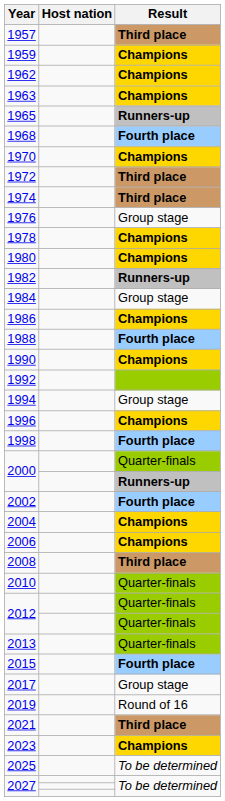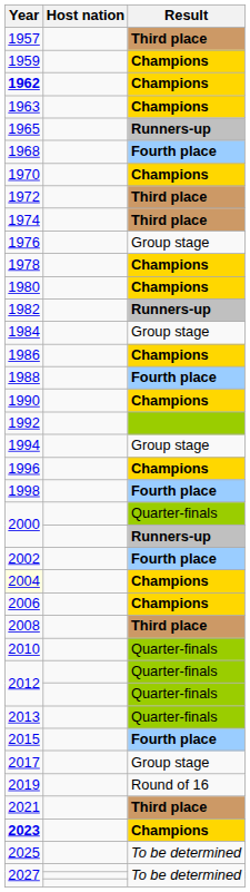 <table class="wikitable">
 <tr>
 <th>Year</th>
 <th>Host nation</th>
 <th>Result</th>
 </tr>
 <tr>
 <td><a href='#'>1957</a></td>
 <td></td>
 <td bgcolor=cc9966><strong>Third place</strong></td>
 </tr>
 <tr>
 <td><a href='#'>1959</a></td>
 <td></td>
 <td bgcolor=Gold><strong>Champions</strong></td>
 </tr>
 <tr>
-<td><a href='#'>1962</a></td>
+<td><strong><a href='#'>1962</a></strong></td>
 <td></td>
 <td bgcolor=Gold><strong>Champions</strong></td>
 </tr>
 <tr>
 <td><a href='#'>1963</a></td>
 <td></td>
 <td bgcolor=Gold><strong>Champions</strong></td>
 </tr>
 <tr>
 <td><a href='#'>1965</a></td>
 <td></td>
 <td bgcolor=Silver><strong>Runners-up</strong></td>
 </tr>
 <tr>
 <td><a href='#'>1968</a></td>
 <td></td>
 <td bgcolor=#9acdff><strong>Fourth place</strong></td>
 </tr>
 <tr>
 <td><a href='#'>1970</a></td>
 <td></td>
 <td bgcolor=Gold><strong>Champions</strong></td>
 </tr>
 <tr>
 <td><a href='#'>1972</a></td>
 <td></td>
 <td bgcolor=cc9966><strong>Third place</strong></td>
 </tr>
 <tr>
 <td><a href='#'>1974</a></td>
 <td></td>
 <td bgcolor=cc9966><strong>Third place</strong></td>
 </tr>
 <tr>
 <td><a href='#'>1976</a></td>
 <td></td>
 <td>Group stage</td>
 </tr>
 <tr>
 <td><a href='#'>1978</a></td>
 <td></td>
 <td bgcolor=Gold><strong>Champions</strong></td>
 </tr>
 <tr>
 <td><a href='#'>1980</a></td>
 <td></td>
 <td bgcolor=Gold><strong>Champions</strong></td>
 </tr>
 <tr>
 <td><a href='#'>1982</a></td>
 <td></td>
 <td bgcolor=Silver><strong>Runners-up</strong></td>
 </tr>
 <tr>
 <td><a href='#'>1984</a></td>
 <td></td>
 <td>Group stage</td>
 </tr>
 <tr>
 <td><a href='#'>1986</a></td>
 <td></td>
 <td bgcolor=Gold><strong>Champions</strong></td>
 </tr>
 <tr>
 <td><a href='#'>1988</a></td>
 <td></td>
 <td bgcolor=#9acdff><strong>Fourth place</strong></td>
 </tr>
 <tr>
 <td><a href='#'>1990</a></td>
 <td></td>
 <td bgcolor=Gold><strong>Champions</strong></td>
 </tr>
 <tr>
 <td><a href='#'>1992</a></td>
 <td></td>
 <td bgcolor=#9acd></td>
 </tr>
 <tr>
 <td><a href='#'>1994</a></td>
 <td></td>
 <td>Group stage</td>
 </tr>
 <tr>
 <td><a href='#'>1996</a></td>
 <td></td>
 <td bgcolor=Gold><strong>Champions</strong></td>
 </tr>
 <tr>
 <td><a href='#'>1998</a></td>
 <td></td>
 <td bgcolor=#9acdff><strong>Fourth place</strong></td>
 </tr>
 <tr>
 <td rowspan=2><a href='#'>2000</a></td>
 <td></td>
 <td bgcolor=#9acd>Quarter-finals</td>
 </tr>
 <tr>
 <td></td>
 <td bgcolor=Silver><strong>Runners-up</strong></td>
 </tr>
 <tr>
 <td><a href='#'>2002</a></td>
 <td></td>
 <td bgcolor=#9acdff><strong>Fourth place</strong></td>
 </tr>
 <tr>
-<td><a href='#'>2004</a></td>
+<td style="background: lightyellow;"><a href='#'>2004</a></td>
 <td></td>
 <td bgcolor=Gold><strong>Champions</strong></td>
 </tr>
 <tr>
 <td><a href='#'>2006</a></td>
 <td></td>
 <td bgcolor=Gold><strong>Champions</strong></td>
 </tr>
 <tr>
 <td><a href='#'>2008</a></td>
 <td></td>
 <td bgcolor=cc9966><strong>Third place</strong></td>
 </tr>
 <tr>
 <td><a href='#'>2010</a></td>
 <td></td>
 <td bgcolor=#9acd>Quarter-finals</td>
 </tr>
 <tr>
 <td rowspan=2><a href='#'>2012</a></td>
 <td></td>
 <td bgcolor=#9acd>Quarter-finals</td>
 </tr>
 <tr>
 <td></td>
 <td bgcolor=#9acd>Quarter-finals</td>
 </tr>
 <tr>
 <td><a href='#'>2013</a></td>
 <td></td>
 <td bgcolor=#9acd>Quarter-finals</td>
 </tr>
 <tr>
 <td><a href='#'>2015</a></td>
 <td></td>
 <td bgcolor=#9acdff><strong>Fourth place</strong></td>
 </tr>
 <tr>
 <td><a href='#'>2017</a></td>
 <td></td>
 <td>Group stage</td>
 </tr>
 <tr>
 <td><a href='#'>2019</a></td>
 <td></td>
 <td>Round of 16</td>
 </tr>
 <tr>
 <td><a href='#'>2021</a></td>
 <td></td>
 <td bgcolor=cc9966><strong>Third place</strong></td>
 </tr>
 <tr>
-<td><a href='#'>2023</a></td>
+<td><strong><a href='#'>2023</a></strong></td>
 <td></td>
 <td bgcolor=Gold><strong>Champions</strong></td>
 </tr>
 <tr>
 <td><a href='#'>2025</a></td>
 <td></td>
 <td><em>To be determined</em></td>
 </tr>
 <tr>
 <td rowspan=3><a href='#'>2027</a></td>
 <td></td>
 <td rowspan=3><em>To be determined</em></td>
 </tr>
 <tr>
 <td></td>
 </tr>
 <tr>
 <td></td>
 </tr>
 </table>
